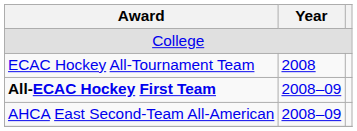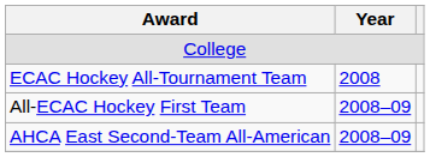 <table class="wikitable">
 <tr>
 <th>Award</th>
 <th>Year</th>
 <th></th>
 </tr>
 <tr ALIGN="center" bgcolor="#e0e0e0">
 <td colspan="3"><a href='#'>College</a></td>
 </tr>
 <tr>
 <td><a href='#'>ECAC Hockey</a> <a href='#'>All-Tournament Team</a></td>
 <td><a href='#'>2008</a></td>
 <td></td>
 </tr>
 <tr>
-<td><strong>All-<a href='#'>ECAC Hockey</a> <a href='#'>First Team</a></strong></td>
+<td>All-<a href='#'>ECAC Hockey</a> <a href='#'>First Team</a></td>
 <td><a href='#'>2008–09</a></td>
 <td></td>
 </tr>
 <tr>
 <td><a href='#'>AHCA</a> <a href='#'>East Second-Team All-American</a></td>
 <td><a href='#'>2008–09</a></td>
 <td></td>
 </tr>
 <tr>
 </tr>
 </table>
